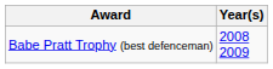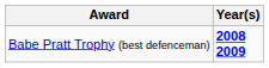 <table class="wikitable">
 <tr>
 <th>Award</th>
 <th>Year(s)</th>
 </tr>
 <tr>
 <td><a href='#'>Babe Pratt Trophy</a> <small>(best defenceman)</small></td>
-<td><a href='#'>2008</a><br> <a href='#'>2009</a></td>
+<td><strong><a href='#'>2008</a><br> <a href='#'>2009</a></strong></td>
 </tr>
 </table>
